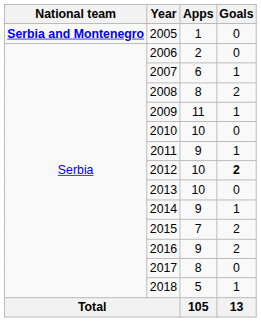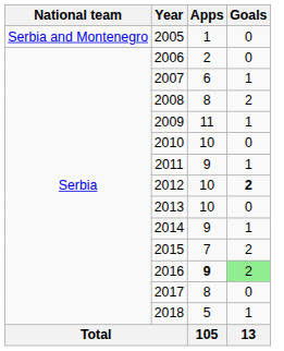 <table class="wikitable" style="text-align:center">
 <tr>
 <th>National team</th>
 <th>Year</th>
 <th>Apps</th>
 <th>Goals</th>
 </tr>
 <tr>
-<td rowspan="1" style="vertical-align:center"><strong><a href='#'>Serbia and Montenegro</a></strong></td>
+<td rowspan="1" style="vertical-align:center"><a href='#'>Serbia and Montenegro</a></td>
 <td>2005</td>
 <td>1</td>
 <td>0</td>
 </tr>
 <tr>
 <td rowspan="13" style="vertical-align:center"><a href='#'>Serbia</a></td>
 <td>2006</td>
 <td>2</td>
 <td>0</td>
 </tr>
 <tr>
 <td>2007</td>
 <td>6</td>
 <td>1</td>
 </tr>
 <tr>
 <td>2008</td>
 <td>8</td>
 <td>2</td>
 </tr>
 <tr>
 <td>2009</td>
 <td>11</td>
 <td>1</td>
 </tr>
 <tr>
 <td>2010</td>
 <td>10</td>
 <td>0</td>
 </tr>
 <tr>
 <td>2011</td>
 <td>9</td>
 <td>1</td>
 </tr>
 <tr>
 <td>2012</td>
 <td>10</td>
 <td><strong>2</strong></td>
 </tr>
 <tr>
 <td>2013</td>
 <td>10</td>
 <td>0</td>
 </tr>
 <tr>
 <td>2014</td>
 <td>9</td>
 <td>1</td>
 </tr>
 <tr>
 <td>2015</td>
 <td>7</td>
 <td>2</td>
 </tr>
 <tr>
 <td>2016</td>
-<td>9</td>
-<td>2</td>
+<td><strong>9</strong></td>
+<td style="background: lightgreen;">2</td>
 </tr>
 <tr>
 <td>2017</td>
 <td>8</td>
 <td>0</td>
 </tr>
 <tr>
 <td>2018</td>
 <td>5</td>
 <td>1</td>
 </tr>
 <tr>
 <th colspan="2">Total</th>
 <th>105</th>
 <th>13</th>
 </tr>
 </table>
